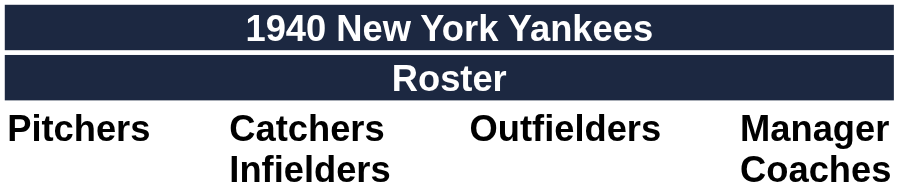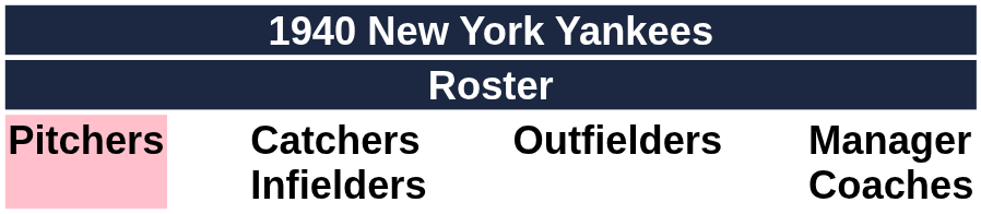 <table class="toccolours" style="font-size: 95%;">
 <tr>
 <th colspan="10" style="background-color: #1c2841; color: white; text-align: center;">1940 New York Yankees</th>
 </tr>
 <tr>
 <td colspan="10" style="background-color: #1c2841; color: white; text-align: center;"><strong>Roster</strong></td>
 </tr>
 <tr>
-<td valign="top"><strong>Pitchers</strong><br>            </td>
+<td valign="top" style="background: pink;"><strong>Pitchers</strong><br>            </td>
 <td width="25px"></td>
 <td valign="top"><strong>Catchers</strong><br>  <strong>Infielders</strong>     </td>
 <td width="25px"></td>
 <td valign="top"><strong>Outfielders</strong><br>      </td>
 <td width="25px"></td>
 <td valign="top"><strong>Manager</strong><br> <strong>Coaches</strong>   </td>
 </tr>
 </table>
